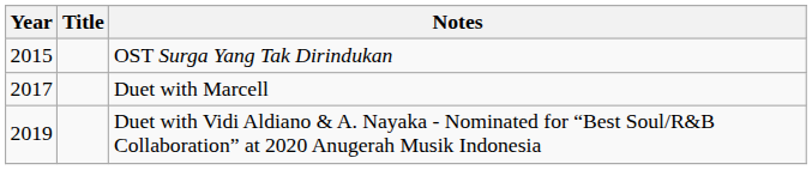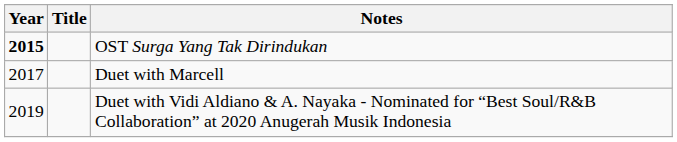 <table class="wikitable">
 <tr>
 </tr>
 <tr>
 <th>Year</th>
 <th>Title</th>
 <th>Notes</th>
 </tr>
 <tr>
-<td>2015</td>
+<td><strong>2015</strong></td>
 <td></td>
 <td>OST <em>Surga Yang Tak Dirindukan</em></td>
 </tr>
 <tr>
 <td>2017</td>
 <td></td>
 <td>Duet with Marcell</td>
 </tr>
 <tr>
 <td>2019</td>
 <td></td>
 <td>Duet with Vidi Aldiano & A. Nayaka - Nominated for “Best Soul/R&B Collaboration” at 2020 Anugerah Musik Indonesia</td>
 </tr>
 <tr>
 </tr>
 </table>
